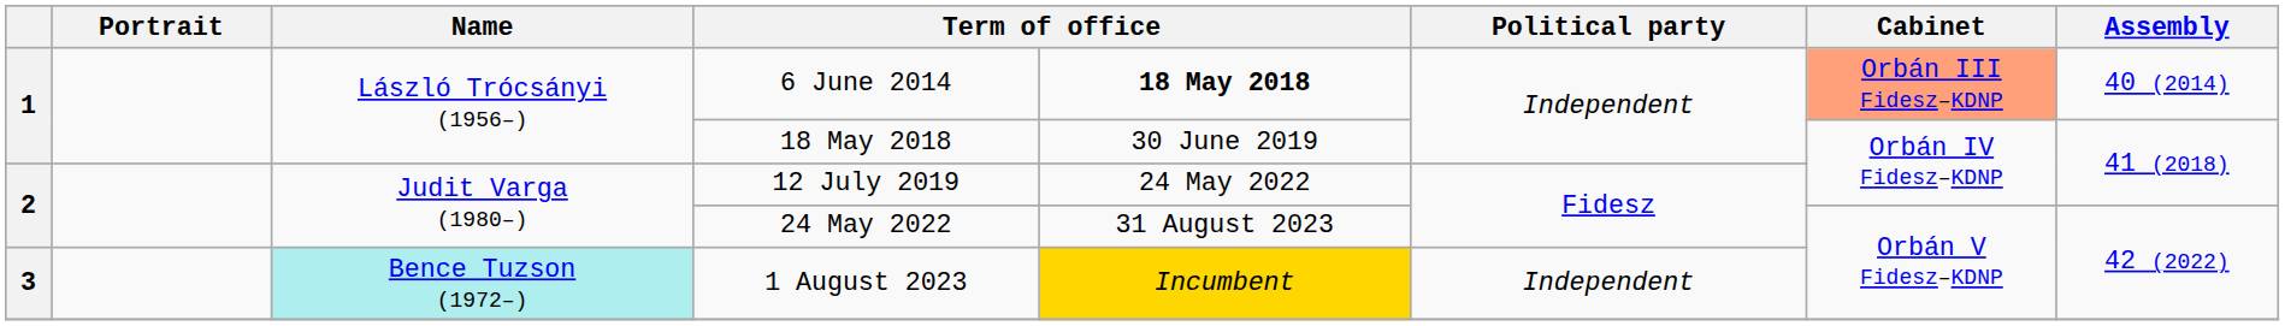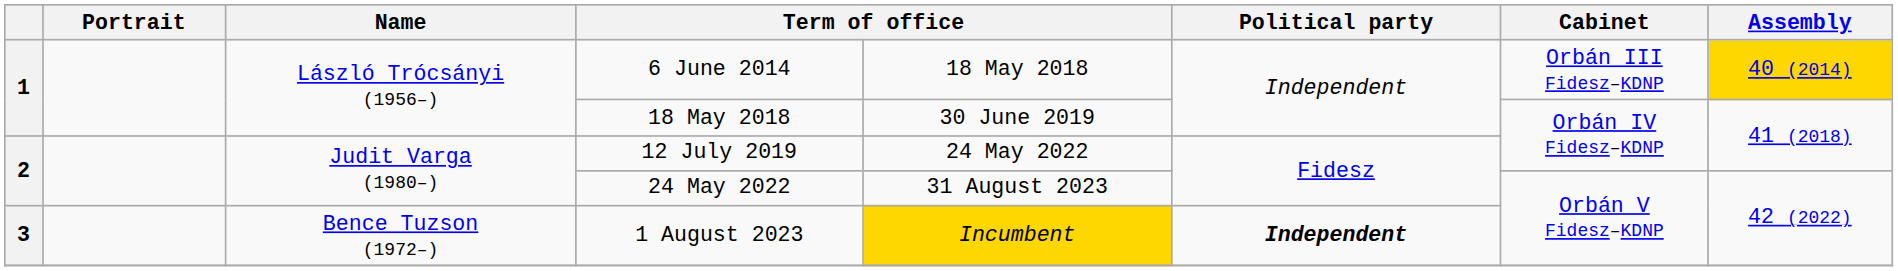 <table class="wikitable" style="width:90%; text-align:center;">
 <tr>
 <th></th>
 <th>Portrait</th>
 <th>Name<br></th>
 <th colspan=2>Term of office</th>
 <th>Political party</th>
 <th>Cabinet</th>
 <th><a href='#'>Assembly</a><br></th>
 </tr>
 <tr>
 <th rowspan="2" style="background:">1</th>
 <td rowspan="2"></td>
 <td rowspan="2"><a href='#'>László Trócsányi</a><br><small>(1956–)</small></td>
 <td>6 June 2014</td>
-<td><strong>18 May 2018</strong></td>
+<td>18 May 2018</td>
 <td rowspan="2"><em>Independent</em></td>
-<td style="background: lightsalmon;"><a href='#'>Orbán III</a><br><small><a href='#'>Fidesz</a>–<a href='#'>KDNP</a></small></td>
-<td><a href='#'>40 <small>(2014)</small></a></td>
+<td><a href='#'>Orbán III</a><br><small><a href='#'>Fidesz</a>–<a href='#'>KDNP</a></small></td>
+<td style="background: gold;"><a href='#'>40 <small>(2014)</small></a></td>
 </tr>
 <tr>
 <td>18 May 2018</td>
 <td>30 June 2019</td>
 <td rowspan="2"><a href='#'>Orbán IV</a><br><small><a href='#'>Fidesz</a>–<a href='#'>KDNP</a></small></td>
 <td rowspan="2"><a href='#'>41 <small>(2018)</small></a></td>
 </tr>
 <tr>
 <th rowspan="2" style="background:">2</th>
 <td rowspan="2"></td>
 <td rowspan="2"><a href='#'>Judit Varga</a><br><small>(1980–)</small></td>
 <td>12 July 2019</td>
 <td>24 May 2022</td>
 <td rowspan="2"><a href='#'>Fidesz</a></td>
 </tr>
 <tr>
 <td>24 May 2022</td>
 <td>31 August 2023</td>
 <td rowspan="2"><a href='#'>Orbán V</a><br><small><a href='#'>Fidesz</a>–<a href='#'>KDNP</a></small></td>
 <td rowspan="2"><a href='#'>42 <small>(2022)</small></a></td>
 </tr>
 <tr>
 <th style="background:">3</th>
 <td></td>
-<td style="background: paleturquoise;"><a href='#'>Bence Tuzson</a><br><small>(1972–)</small></td>
+<td><a href='#'>Bence Tuzson</a><br><small>(1972–)</small></td>
 <td>1 August 2023</td>
 <td style="background: gold;"><em>Incumbent</em></td>
-<td><em>Independent</em></td>
+<td><strong><em>Independent</em></strong></td>
 </tr>
 <tr>
 </tr>
 </table>
